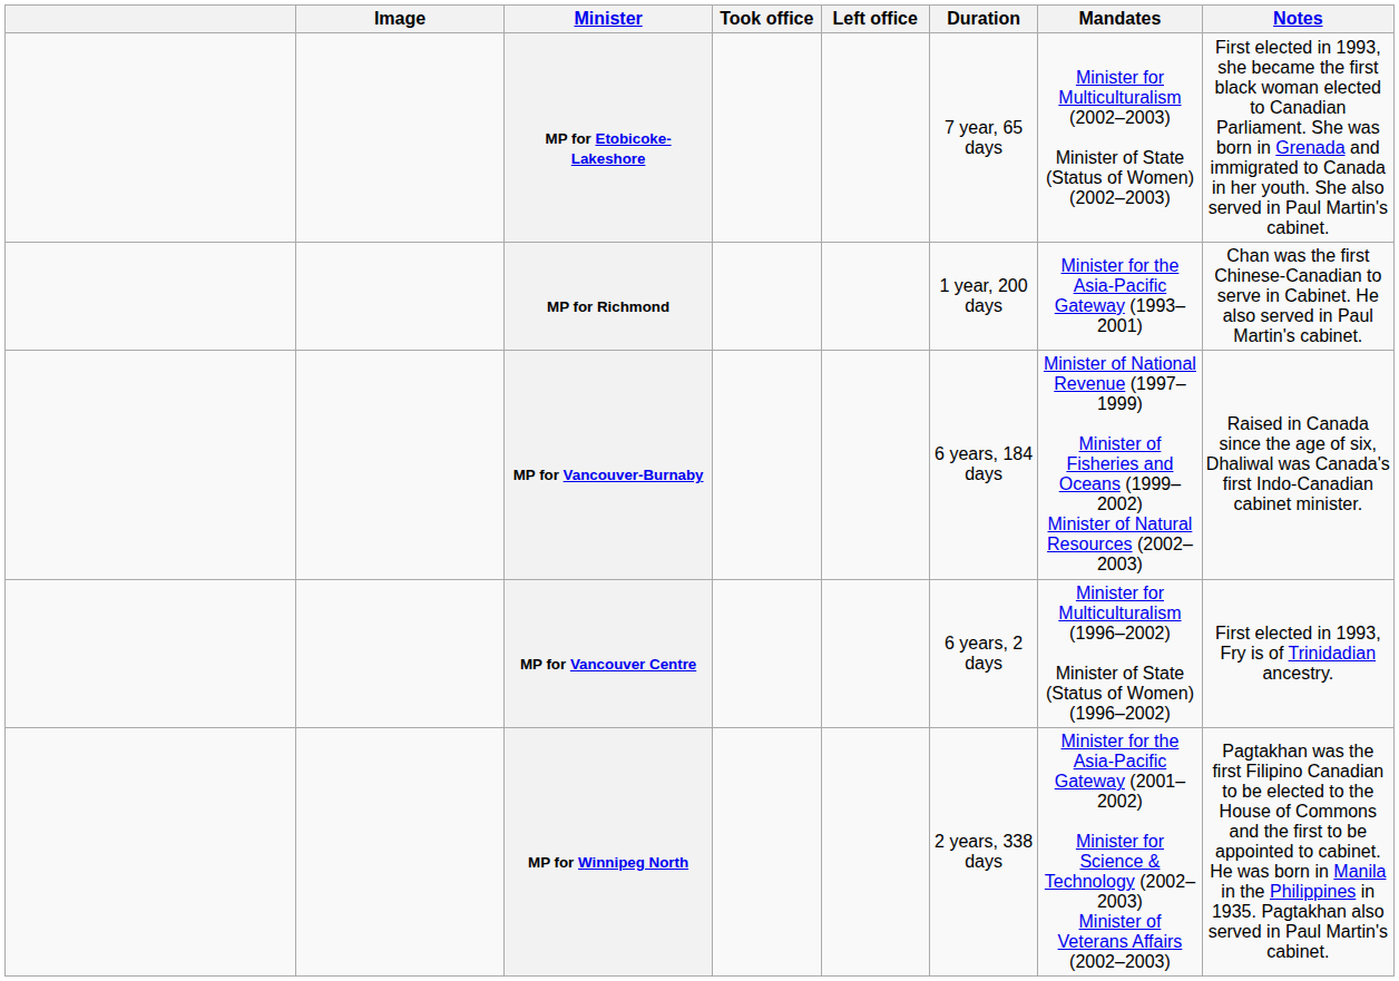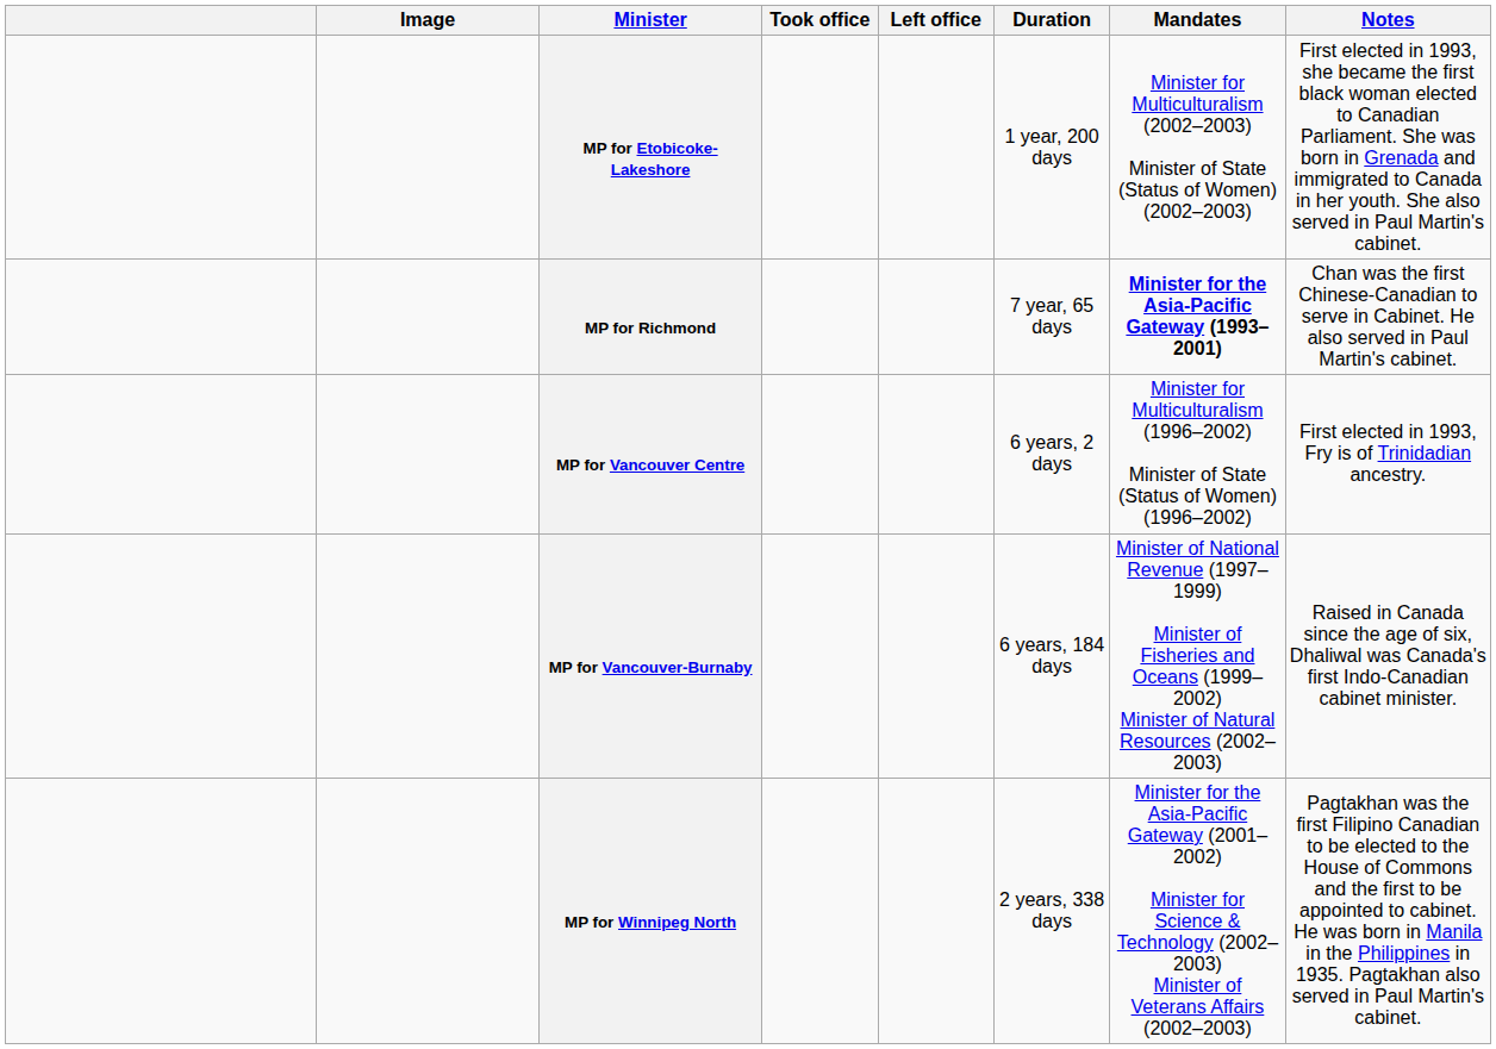 <table class="wikitable sortable plainrowheaders" style="text-align: center;">
 <tr>
 <th scope="col" class=unsortable></th>
 <th scope="col" class=unsortable>Image</th>
 <th scope="col"><a href='#'>Minister</a></th>
 <th scope="col" width=90px>Took office</th>
 <th scope="col" width=90px>Left office</th>
 <th scope="col" width=90px>Duration</th>
 <th scope="col" width=140px>Mandates</th>
 <th scope="col" width=165px><a href='#'>Notes</a></th>
 </tr>
 <tr>
 <td style="background: "></td>
 <td style="width:15%;"></td>
 <th scope="row" style="text-align:center; width:15%;"><br><small>MP for <a href='#'>Etobicoke-Lakeshore</a></small></th>
 <td></td>
 <td></td>
-<td>7 year, 65 days</td>
+<td>1 year, 200 days</td>
 <td><a href='#'>Minister for Multiculturalism</a> (2002–2003) <br> <br> Minister of State (Status of Women) (2002–2003)</td>
 <td>First elected in 1993, she became the first black woman elected to Canadian Parliament. She was born in <a href='#'>Grenada</a> and immigrated to Canada in her youth. She also served in Paul Martin's cabinet.</td>
 </tr>
 <tr>
 <td style="background: "></td>
 <td style="width:15%;"></td>
 <th scope="row" style="text-align:center; width:15%;"><br><small>MP for Richmond</small></th>
 <td></td>
 <td></td>
-<td>1 year, 200 days</td>
-<td><a href='#'>Minister for the Asia-Pacific Gateway</a> (1993–2001)</td>
+<td>7 year, 65 days</td>
+<td><strong><a href='#'>Minister for the Asia-Pacific Gateway</a> (1993–2001)</strong></td>
 <td>Chan was the first Chinese-Canadian to serve in Cabinet. He also served in Paul Martin's cabinet.</td>
+</tr>
+<tr>
+<td style="background: "></td>
+<td style="width:15%;"></td>
+<th scope="row" style="text-align:center; width:15%;"><br><small>MP for <a href='#'>Vancouver Centre</a></small></th>
+<td></td>
+<td></td>
+<td>6 years, 2 days</td>
+<td><a href='#'>Minister for Multiculturalism</a> (1996–2002) <br> <br> Minister of State (Status of Women) (1996–2002)</td>
+<td>First elected in 1993, Fry is of <a href='#'>Trinidadian</a> ancestry.</td>
 </tr>
 <tr>
 <td style="background: "></td>
 <td style="width:15%;"></td>
 <th scope="row" style="text-align:center; width:15%;"><br><small>MP for <a href='#'>Vancouver-Burnaby</a></small></th>
 <td></td>
 <td></td>
 <td>6 years, 184 days</td>
 <td><a href='#'>Minister of National Revenue</a> (1997–1999) <br> <br> <a href='#'>Minister of Fisheries and Oceans</a> (1999–2002) <br> <a href='#'>Minister of Natural Resources</a> (2002–2003)</td>
 <td>Raised in Canada since the age of six, Dhaliwal was Canada's first Indo-Canadian cabinet minister.</td>
 </tr>
 <tr>
 <td style="background: "></td>
 <td style="width:15%;"></td>
-<th scope="row" style="text-align:center; width:15%;"><br><small>MP for <a href='#'>Vancouver Centre</a></small></th>
-<td></td>
-<td></td>
-<td>6 years, 2 days</td>
-<td><a href='#'>Minister for Multiculturalism</a> (1996–2002) <br> <br> Minister of State (Status of Women) (1996–2002)</td>
-<td>First elected in 1993, Fry is of <a href='#'>Trinidadian</a> ancestry.</td>
-</tr>
-<tr>
-<td style="background: "></td>
-<td style="width:15%;"></td>
 <th scope="row" style="text-align:center; width:15%;"><br><small>MP for <a href='#'>Winnipeg North</a></small></th>
 <td></td>
 <td></td>
 <td>2 years, 338 days</td>
 <td><a href='#'>Minister for the Asia-Pacific Gateway</a> (2001–2002) <br> <br> <a href='#'>Minister for Science & Technology</a> (2002–2003) <br> <a href='#'>Minister of Veterans Affairs</a> (2002–2003)</td>
 <td>Pagtakhan was the first Filipino Canadian to be elected to the House of Commons and the first to be appointed to cabinet. He was born in <a href='#'>Manila</a> in the <a href='#'>Philippines</a> in 1935. Pagtakhan also served in Paul Martin's cabinet.</td>
 </tr>
 <tr>
 </tr>
 </table>
